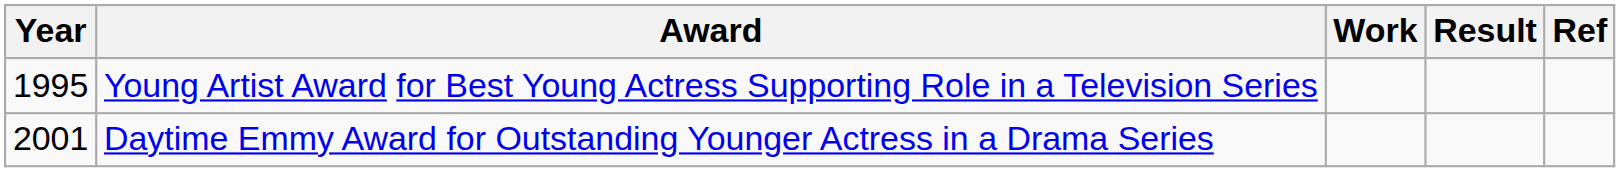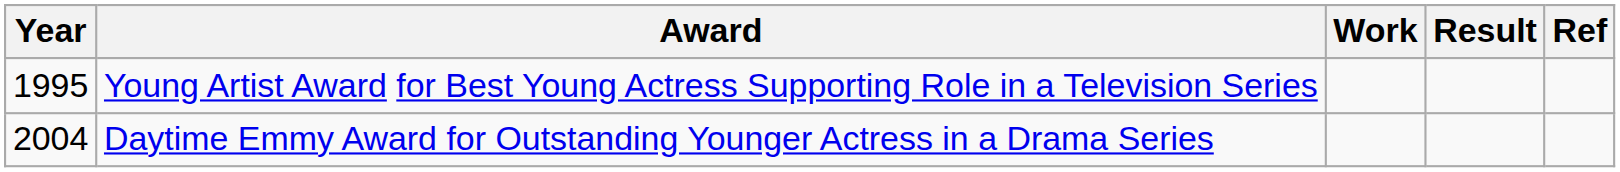 <table class="wikitable sortable plainrowheaders">
 <tr>
 <th scope="col">Year</th>
 <th scope="col">Award</th>
 <th scope="col">Work</th>
 <th scope="col">Result</th>
 <th scope="col">Ref</th>
 </tr>
 <tr>
 <td style="text-align:center;">1995</td>
 <td><a href='#'>Young Artist Award</a>  <a href='#'>for Best Young Actress Supporting Role in a Television Series</a></td>
 <td></td>
 <td></td>
 <td></td>
 </tr>
 <tr>
-<td style="text-align:center;">2001</td>
+<td style="text-align:center;">2004</td>
 <td><a href='#'>Daytime Emmy Award for Outstanding Younger Actress in a Drama Series</a></td>
 <td></td>
 <td></td>
 <td></td>
 </tr>
 </table>
